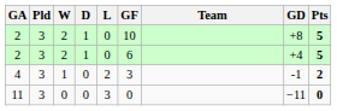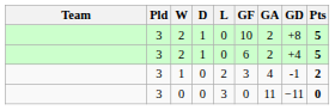 <table class="wikitable" style="text-align: center;">
 <tr>
-<th width=20>GA</th>
+<th width=175>Team</th>
 <th width=20>Pld</th>
 <th width=20>W</th>
 <th width=20>D</th>
 <th width=20>L</th>
 <th width=20>GF</th>
-<th width=175>Team</th>
+<th width=20>GA</th>
 <th width=20>GD</th>
 <th width=20>Pts</th>
 </tr>
 <tr style="background:#ccffcc;">
-<td>2</td>
+<td style="text-align:left;"></td>
 <td>3</td>
 <td>2</td>
 <td>1</td>
 <td>0</td>
 <td>10</td>
-<td style="text-align:left;"></td>
+<td>2</td>
 <td>+8</td>
 <td><strong>5</strong></td>
 </tr>
 <tr style="background:#ccffcc;">
-<td>2</td>
+<td style="text-align:left;"></td>
 <td>3</td>
 <td>2</td>
 <td>1</td>
 <td>0</td>
 <td>6</td>
-<td style="text-align:left;"></td>
+<td>2</td>
 <td>+4</td>
 <td><strong>5</strong></td>
 </tr>
 <tr>
-<td>4</td>
+<td style="text-align:left;"></td>
 <td>3</td>
 <td>1</td>
 <td>0</td>
 <td>2</td>
 <td>3</td>
-<td style="text-align:left;"></td>
+<td>4</td>
 <td>-1</td>
 <td><strong>2</strong></td>
 </tr>
 <tr>
-<td>11</td>
+<td style="text-align:left;"></td>
 <td>3</td>
 <td>0</td>
 <td>0</td>
 <td>3</td>
 <td>0</td>
-<td style="text-align:left;"></td>
+<td>11</td>
 <td>−11</td>
 <td><strong>0</strong></td>
 </tr>
 </table>
